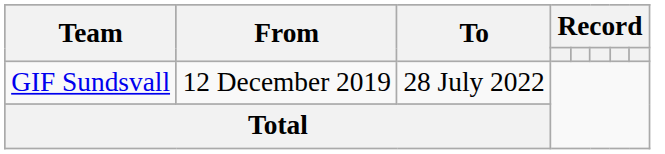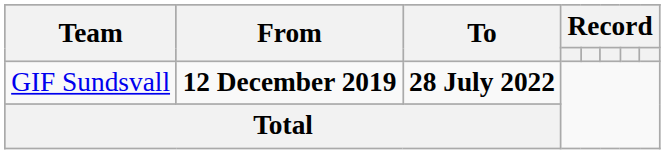 <table class=wikitable style=text-align:center>
 <tr>
 <th rowspan=2>Team</th>
 <th rowspan=2>From</th>
 <th rowspan=2>To</th>
 <th colspan=5>Record</th>
 </tr>
 <tr>
 <th></th>
 <th></th>
 <th></th>
 <th></th>
 <th></th>
 </tr>
 <tr>
 <td align=left><a href='#'>GIF Sundsvall</a></td>
-<td align=left>12 December 2019</td>
-<td align=left>28 July 2022<br></td>
+<td align=left><strong>12 December 2019</strong></td>
+<td align=left><strong>28 July 2022<br></strong></td>
 </tr>
 <tr>
 <th colspan=3>Total<br></th>
 </tr>
 </table>
